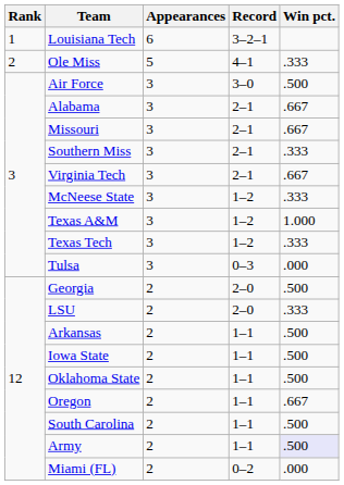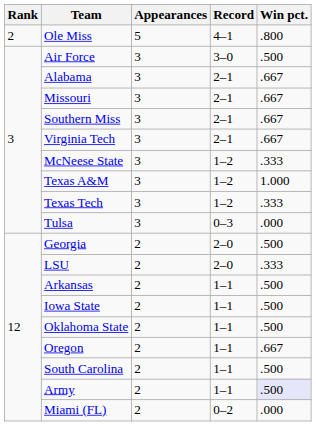 <table class = "wikitable">
 <tr>
 <th>Rank</th>
 <th>Team</th>
 <th>Appearances</th>
 <th>Record</th>
 <th>Win pct.</th>
 </tr>
 <tr>
-<td>1</td>
-<td><a href='#'>Louisiana Tech</a></td>
-<td>6</td>
-<td>3–2–1</td>
-<td></td>
-</tr>
-<tr>
 <td>2</td>
 <td><a href='#'>Ole Miss</a></td>
 <td>5</td>
 <td>4–1</td>
-<td>.333</td>
+<td>.800</td>
 </tr>
 <tr>
 <td rowspan=9>3</td>
 <td><a href='#'>Air Force</a></td>
 <td>3</td>
 <td>3–0</td>
 <td>.500</td>
 </tr>
 <tr>
 <td><a href='#'>Alabama</a></td>
 <td>3</td>
 <td>2–1</td>
 <td>.667</td>
 </tr>
 <tr>
 <td><a href='#'>Missouri</a></td>
 <td>3</td>
 <td>2–1</td>
 <td>.667</td>
 </tr>
 <tr>
 <td><a href='#'>Southern Miss</a></td>
 <td>3</td>
 <td>2–1</td>
-<td>.333</td>
+<td>.667</td>
 </tr>
 <tr>
 <td><a href='#'>Virginia Tech</a></td>
 <td>3</td>
 <td>2–1</td>
 <td>.667</td>
 </tr>
 <tr>
 <td><a href='#'>McNeese State</a></td>
 <td>3</td>
 <td>1–2</td>
 <td>.333</td>
 </tr>
 <tr>
 <td><a href='#'>Texas A&M</a></td>
 <td>3</td>
 <td>1–2</td>
 <td>1.000</td>
 </tr>
 <tr>
 <td><a href='#'>Texas Tech</a></td>
 <td>3</td>
 <td>1–2</td>
 <td>.333</td>
 </tr>
 <tr>
 <td><a href='#'>Tulsa</a></td>
 <td>3</td>
 <td>0–3</td>
 <td>.000</td>
 </tr>
 <tr>
 <td rowspan=9>12</td>
 <td><a href='#'>Georgia</a></td>
 <td>2</td>
 <td>2–0</td>
 <td>.500</td>
 </tr>
 <tr>
 <td><a href='#'>LSU</a></td>
 <td>2</td>
 <td>2–0</td>
 <td>.333</td>
 </tr>
 <tr>
 <td><a href='#'>Arkansas</a></td>
 <td>2</td>
 <td>1–1</td>
 <td>.500</td>
 </tr>
 <tr>
 <td><a href='#'>Iowa State</a></td>
 <td>2</td>
 <td>1–1</td>
 <td>.500</td>
 </tr>
 <tr>
 <td><a href='#'>Oklahoma State</a></td>
 <td>2</td>
 <td>1–1</td>
 <td>.500</td>
 </tr>
 <tr>
 <td><a href='#'>Oregon</a></td>
 <td>2</td>
 <td>1–1</td>
 <td>.667</td>
 </tr>
 <tr>
 <td><a href='#'>South Carolina</a></td>
 <td>2</td>
 <td>1–1</td>
 <td>.500</td>
 </tr>
 <tr>
 <td><a href='#'>Army</a></td>
 <td>2</td>
 <td>1–1</td>
 <td style="background: lavender;">.500</td>
 </tr>
 <tr>
 <td><a href='#'>Miami (FL)</a></td>
 <td>2</td>
 <td>0–2</td>
 <td>.000</td>
 </tr>
 </table>
